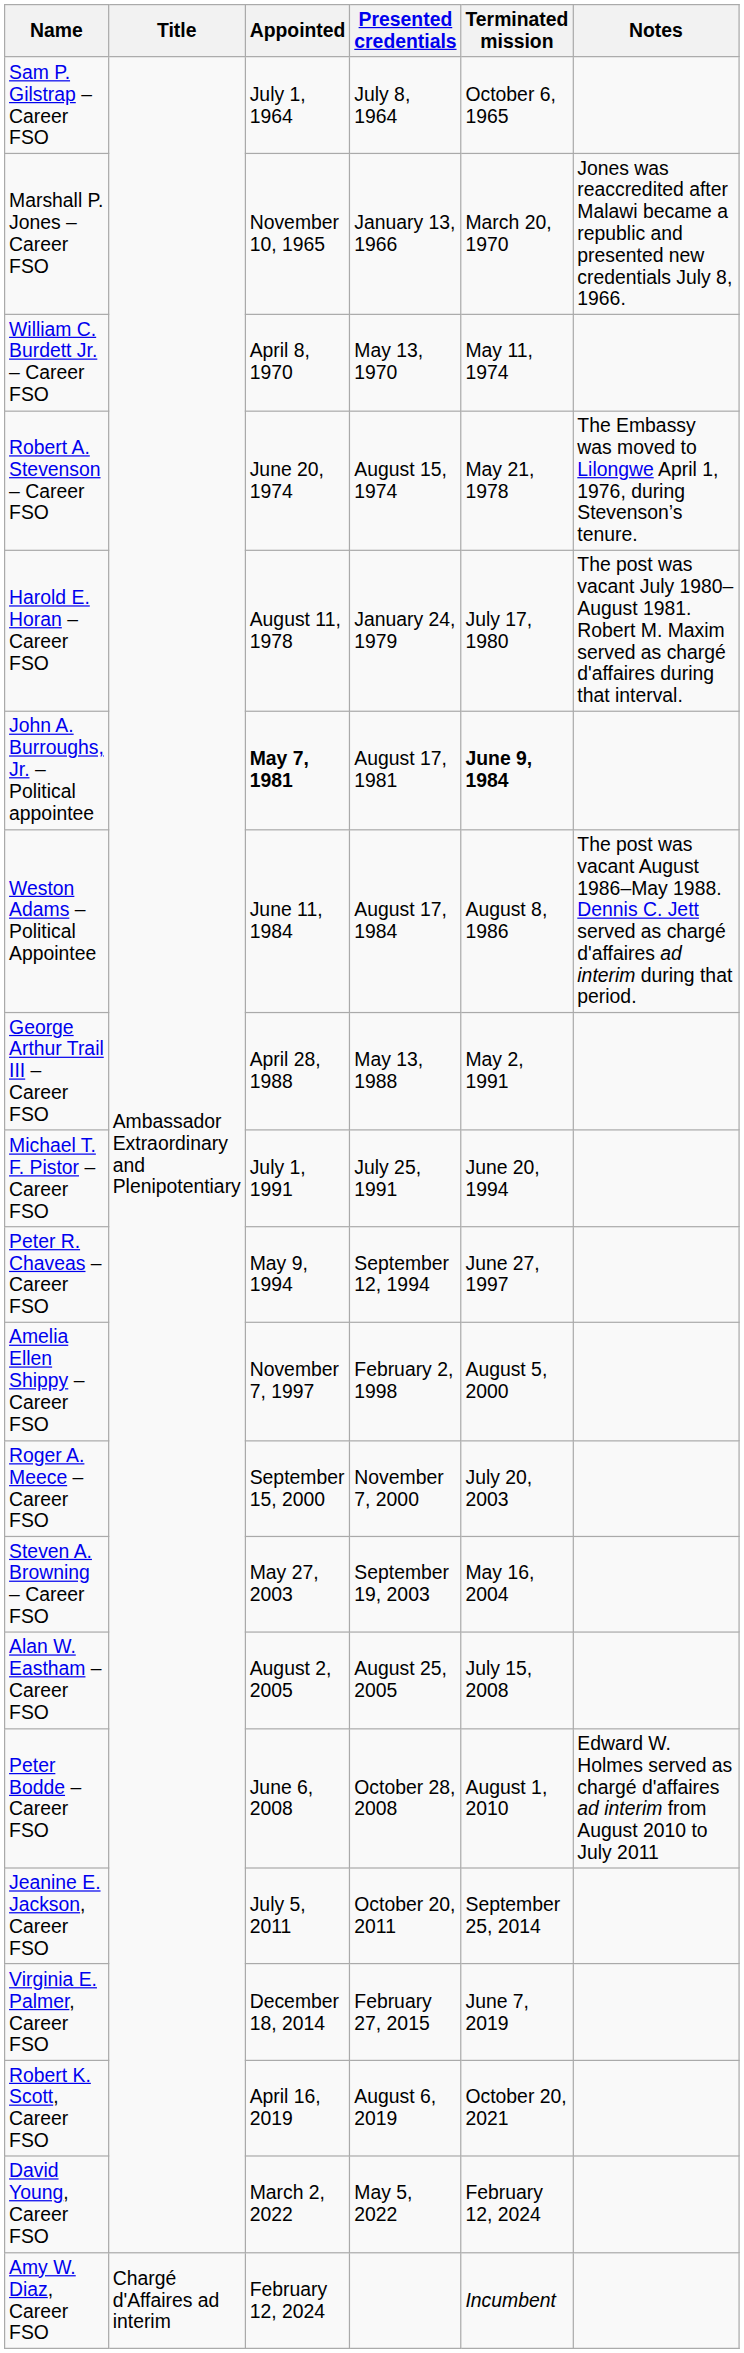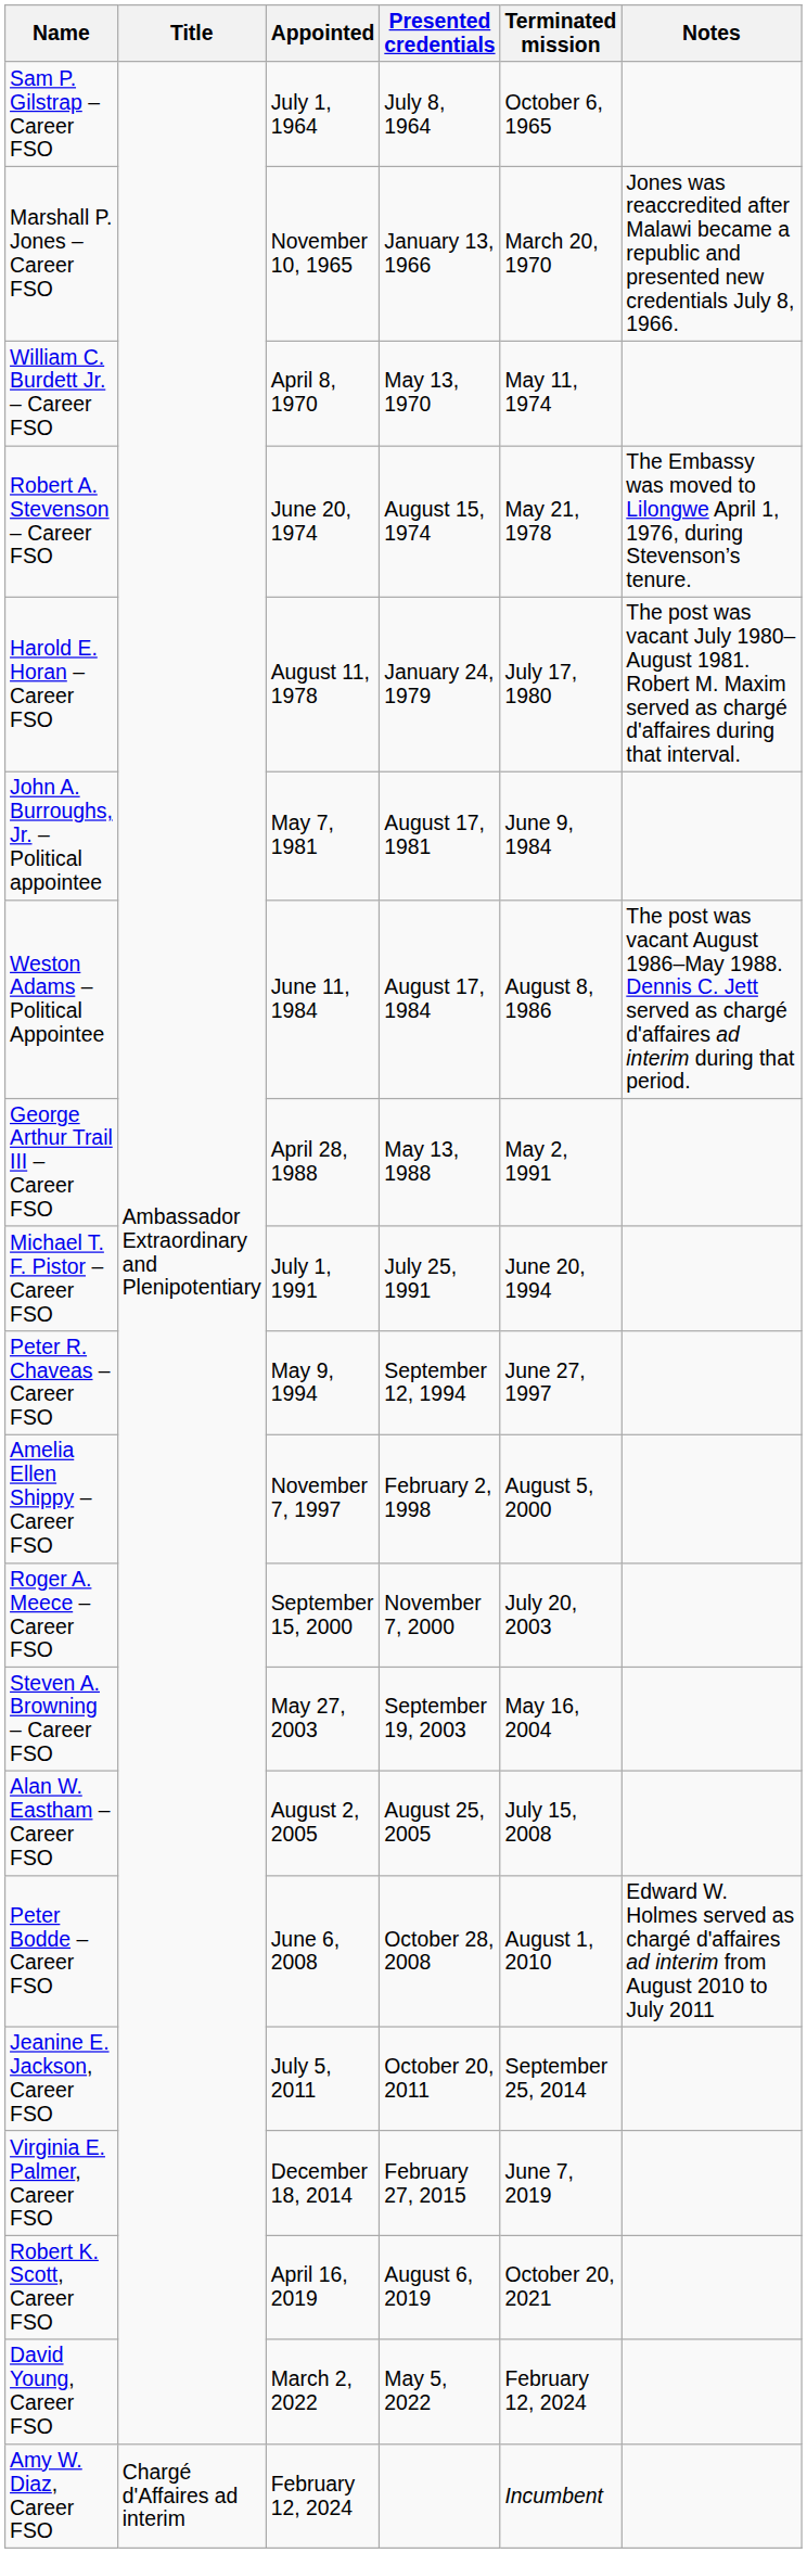 <table class="wikitable">
 <tr>
 <th>Name</th>
 <th>Title</th>
 <th>Appointed</th>
 <th><a href='#'>Presented credentials</a></th>
 <th>Terminated mission</th>
 <th style="width: 280px;">Notes</th>
 </tr>
 <tr>
 <td><a href='#'>Sam P. Gilstrap</a> – Career FSO</td>
 <td rowspan=19>Ambassador Extraordinary and Plenipotentiary</td>
 <td>July 1, 1964</td>
 <td>July 8, 1964</td>
 <td>October 6, 1965</td>
 <td></td>
 </tr>
 <tr>
 <td>Marshall P. Jones – Career FSO</td>
 <td>November 10, 1965</td>
 <td>January 13, 1966</td>
 <td>March 20, 1970</td>
 <td>Jones was reaccredited after Malawi became a republic and presented new credentials July 8, 1966.</td>
 </tr>
 <tr>
 <td><a href='#'>William C. Burdett Jr.</a> – Career FSO</td>
 <td>April 8, 1970</td>
 <td>May 13, 1970</td>
 <td>May 11, 1974</td>
 <td></td>
 </tr>
 <tr>
 <td><a href='#'>Robert A. Stevenson</a> – Career FSO</td>
 <td>June 20, 1974</td>
 <td>August 15, 1974</td>
 <td>May 21, 1978</td>
 <td>The Embassy was moved to <a href='#'>Lilongwe</a> April 1, 1976, during Stevenson’s tenure.</td>
 </tr>
 <tr>
 <td><a href='#'>Harold E. Horan</a> – Career FSO</td>
 <td>August 11, 1978</td>
 <td>January 24, 1979</td>
 <td>July 17, 1980</td>
 <td>The post was vacant July 1980–August 1981. Robert M. Maxim served as chargé d'affaires during that interval.</td>
 </tr>
 <tr>
 <td><a href='#'>John A. Burroughs, Jr.</a> – Political appointee</td>
-<td><strong>May 7, 1981</strong></td>
+<td>May 7, 1981</td>
 <td>August 17, 1981</td>
-<td><strong>June 9, 1984</strong></td>
+<td>June 9, 1984</td>
 <td></td>
 </tr>
 <tr>
 <td><a href='#'>Weston Adams</a> – Political Appointee</td>
 <td>June 11, 1984</td>
 <td>August 17, 1984</td>
 <td>August 8, 1986</td>
 <td>The post was vacant August 1986–May 1988. <a href='#'>Dennis C. Jett</a> served as chargé d'affaires <em>ad interim</em> during that period.</td>
 </tr>
 <tr>
 <td><a href='#'>George Arthur Trail III</a> – Career FSO</td>
 <td>April 28, 1988</td>
 <td>May 13, 1988</td>
 <td>May 2, 1991</td>
 <td></td>
 </tr>
 <tr>
 <td><a href='#'>Michael T. F. Pistor</a> – Career FSO</td>
 <td>July 1, 1991</td>
 <td>July 25, 1991</td>
 <td>June 20, 1994</td>
 <td></td>
 </tr>
 <tr>
 <td><a href='#'>Peter R. Chaveas</a> – Career FSO</td>
 <td>May 9, 1994</td>
 <td>September 12, 1994</td>
 <td>June 27, 1997</td>
 <td></td>
 </tr>
 <tr>
 <td><a href='#'>Amelia Ellen Shippy</a> – Career FSO</td>
 <td>November 7, 1997</td>
 <td>February 2, 1998</td>
 <td>August 5, 2000</td>
 <td></td>
 </tr>
 <tr>
 <td><a href='#'>Roger A. Meece</a> – Career FSO</td>
 <td>September 15, 2000</td>
 <td>November 7, 2000</td>
 <td>July 20, 2003</td>
 <td></td>
 </tr>
 <tr>
 <td><a href='#'>Steven A. Browning</a> – Career FSO</td>
 <td>May 27, 2003</td>
 <td>September 19, 2003</td>
 <td>May 16, 2004</td>
 <td></td>
 </tr>
 <tr>
 <td><a href='#'>Alan W. Eastham</a> – Career FSO</td>
 <td>August 2, 2005</td>
 <td>August 25, 2005</td>
 <td>July 15, 2008</td>
 <td></td>
 </tr>
 <tr>
 <td><a href='#'>Peter Bodde</a> – Career FSO</td>
 <td>June 6, 2008</td>
 <td>October 28, 2008</td>
 <td>August 1, 2010</td>
 <td>Edward W. Holmes served as chargé d'affaires <em>ad interim</em> from August 2010 to July 2011</td>
 </tr>
 <tr>
 <td><a href='#'>Jeanine E. Jackson</a>, Career FSO </td>
 <td>July 5, 2011</td>
 <td>October 20, 2011</td>
 <td>September 25, 2014</td>
 <td></td>
 </tr>
 <tr>
 <td><a href='#'>Virginia E. Palmer</a>, Career FSO</td>
 <td>December 18, 2014</td>
 <td>February 27, 2015</td>
 <td>June 7, 2019</td>
 <td></td>
 </tr>
 <tr>
 <td><a href='#'>Robert K. Scott</a>, Career FSO</td>
 <td>April 16, 2019</td>
 <td>August 6, 2019</td>
 <td>October 20, 2021</td>
 <td></td>
 </tr>
 <tr>
 <td><a href='#'>David Young</a>, Career FSO</td>
 <td>March 2, 2022</td>
 <td>May 5, 2022</td>
 <td>February 12, 2024</td>
 <td></td>
 </tr>
 <tr>
 <td><a href='#'>Amy W. Diaz</a>, Career FSO</td>
 <td>Chargé d'Affaires ad interim</td>
 <td>February 12, 2024</td>
 <td></td>
 <td><em>Incumbent</em></td>
 <td></td>
 </tr>
 </table>
